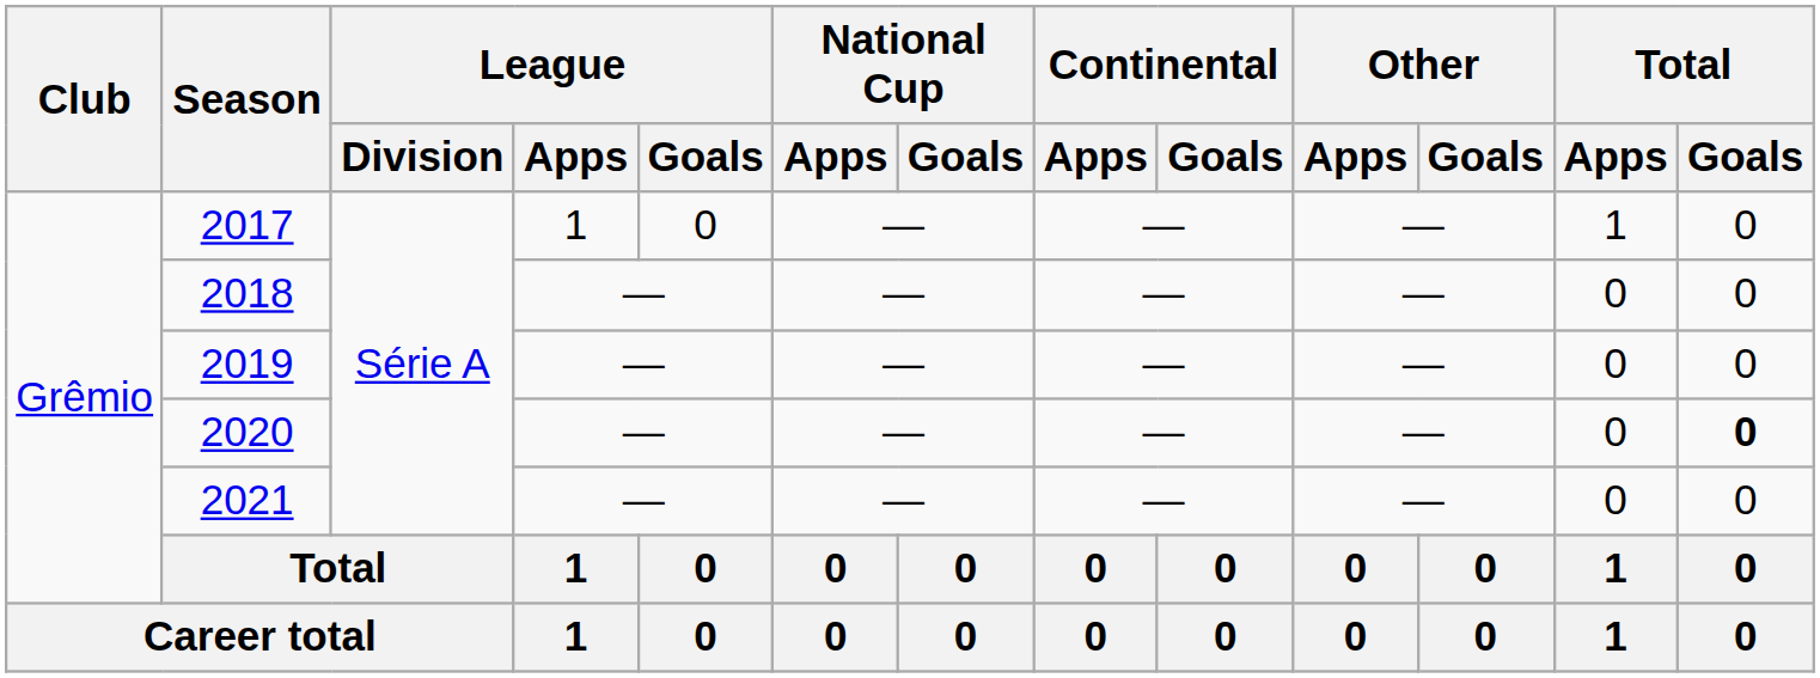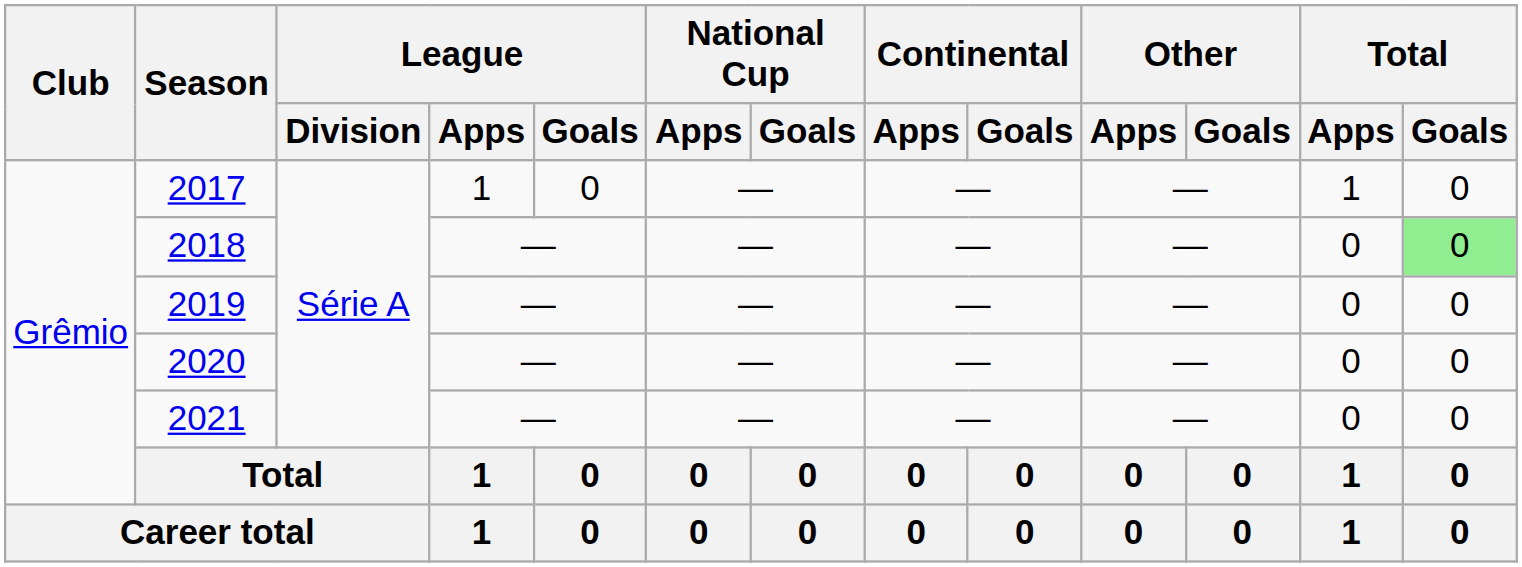 <table class="wikitable" style="text-align: center; font-size:96%">
 <tr>
 <th rowspan=2>Club</th>
 <th rowspan=2>Season</th>
 <th colspan=3>League</th>
 <th colspan=2>National Cup</th>
 <th colspan=2>Continental</th>
 <th colspan=2>Other</th>
 <th colspan=2>Total</th>
 </tr>
 <tr>
 <th>Division</th>
 <th>Apps</th>
 <th>Goals</th>
 <th>Apps</th>
 <th>Goals</th>
 <th>Apps</th>
 <th>Goals</th>
 <th>Apps</th>
 <th>Goals</th>
 <th>Apps</th>
 <th>Goals</th>
 </tr>
 <tr>
 <td rowspan=6><a href='#'>Grêmio</a></td>
 <td><a href='#'>2017</a></td>
 <td rowspan=5><a href='#'>Série A</a></td>
 <td>1</td>
 <td>0</td>
 <td colspan=2>—</td>
 <td colspan=2>—</td>
 <td colspan=2>—</td>
 <td>1</td>
 <td>0</td>
 </tr>
 <tr>
 <td><a href='#'>2018</a></td>
 <td colspan=2>—</td>
 <td colspan=2>—</td>
 <td colspan=2>—</td>
 <td colspan=2>—</td>
 <td>0</td>
-<td>0</td>
+<td style="background: lightgreen;">0</td>
 </tr>
 <tr>
 <td><a href='#'>2019</a></td>
 <td colspan=2>—</td>
 <td colspan=2>—</td>
 <td colspan=2>—</td>
 <td colspan=2>—</td>
 <td>0</td>
 <td>0</td>
 </tr>
 <tr>
 <td><a href='#'>2020</a></td>
 <td colspan=2>—</td>
 <td colspan=2>—</td>
 <td colspan=2>—</td>
 <td colspan=2>—</td>
 <td>0</td>
-<td><strong>0</strong></td>
+<td>0</td>
 </tr>
 <tr>
 <td><a href='#'>2021</a></td>
 <td colspan=2>—</td>
 <td colspan=2>—</td>
 <td colspan=2>—</td>
 <td colspan=2>—</td>
 <td>0</td>
 <td>0</td>
 </tr>
 <tr>
 <th colspan=2>Total</th>
 <th>1</th>
 <th>0</th>
 <th>0</th>
 <th>0</th>
 <th>0</th>
 <th>0</th>
 <th>0</th>
 <th>0</th>
 <th>1</th>
 <th>0</th>
 </tr>
 <tr>
 <th colspan=3><strong>Career total</strong></th>
 <th>1</th>
 <th>0</th>
 <th>0</th>
 <th>0</th>
 <th>0</th>
 <th>0</th>
 <th>0</th>
 <th>0</th>
 <th>1</th>
 <th>0</th>
 </tr>
 </table>
